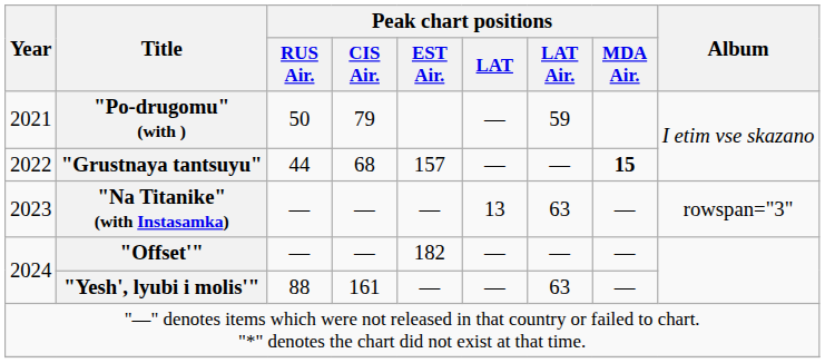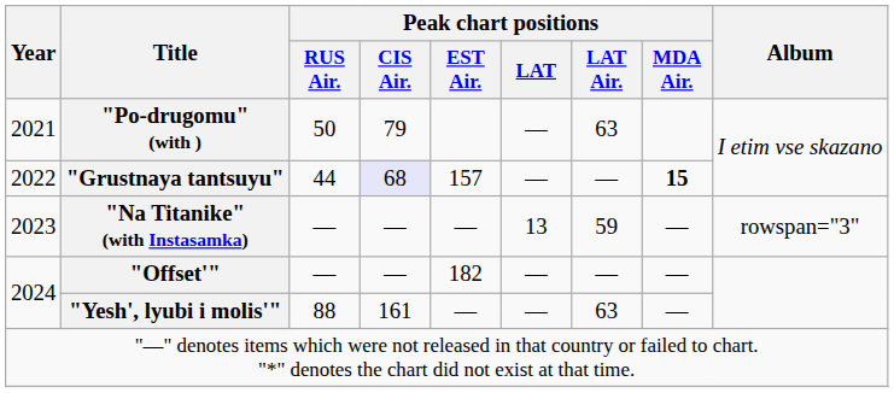 <table class="wikitable plainrowheaders" style="text-align:center;" border="1">
 <tr>
 <th scope="col" rowspan="2">Year</th>
 <th scope="col" rowspan="2">Title</th>
 <th colspan="6">Peak chart positions</th>
 <th rowspan="2">Album</th>
 </tr>
 <tr>
 <th scope="col" style="width:3em;font-size:90%;"><a href='#'>RUS<br>Air.</a><br></th>
 <th scope="col" style="width:3em;font-size:90%;"><a href='#'>CIS<br>Air.</a><br></th>
 <th scope="col" style="width:3em;font-size:90%;"><a href='#'>EST<br>Air.</a><br></th>
 <th scope="col" style="width:3em;font-size:90%;"><a href='#'>LAT</a><br></th>
 <th scope="col" style="width:3em;font-size:90%;"><a href='#'>LAT<br>Air.</a><br></th>
 <th scope="col" style="width:3em;font-size:90%;"><a href='#'>MDA<br>Air.</a><br></th>
 </tr>
 <tr>
 <td>2021</td>
 <th scope="row">"Po-drugomu"<br><small>(with )</small></th>
 <td>50</td>
 <td>79</td>
 <td></td>
 <td>—</td>
-<td>59</td>
+<td>63</td>
 <td></td>
 <td rowspan="2"><em>I etim vse skazano</em></td>
 </tr>
 <tr>
 <td>2022</td>
 <th scope="row">"Grustnaya tantsuyu"</th>
 <td>44</td>
-<td>68</td>
+<td style="background: lavender;">68</td>
 <td>157</td>
 <td>—</td>
 <td>—</td>
 <td><strong>15</strong></td>
 </tr>
 <tr>
 <td>2023</td>
 <th scope="row">"Na Titanike"<br><small>(with <a href='#'>Instasamka</a>)</small></th>
 <td>—</td>
 <td>—</td>
 <td>—</td>
 <td>13</td>
-<td>63</td>
+<td>59</td>
 <td>—</td>
 <td>rowspan="3" </td>
 </tr>
 <tr>
 <td rowspan="2">2024</td>
 <th scope="row">"Offset'"</th>
 <td>—</td>
 <td>—</td>
 <td>182</td>
 <td>—</td>
 <td>—</td>
 <td>—</td>
 </tr>
 <tr>
 <th scope="row">"Yesh', lyubi i molis'"</th>
 <td>88</td>
 <td>161</td>
 <td>—</td>
 <td>—</td>
 <td>63</td>
 <td>—</td>
 </tr>
 <tr>
 <td colspan="9" style="font-size:90%;">"—" denotes items which were not released in that country or failed to chart.<br>"*" denotes the chart did not exist at that time.</td>
 </tr>
 <tr>
 </tr>
 </table>
